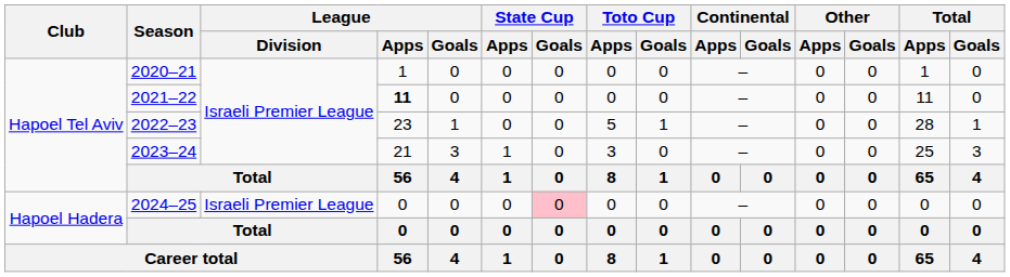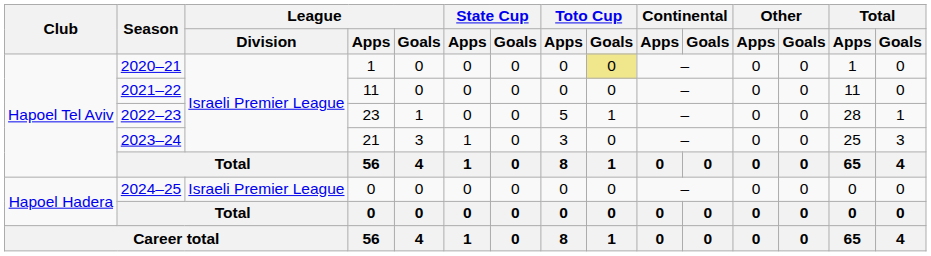 <table class="wikitable" style="text-align: center">
 <tr>
 <th rowspan="2">Club</th>
 <th rowspan="2">Season</th>
 <th colspan="3">League</th>
 <th colspan="2"><a href='#'>State Cup</a></th>
 <th colspan="2"><a href='#'>Toto Cup</a></th>
 <th colspan="2">Continental</th>
 <th colspan="2">Other</th>
 <th colspan="2">Total</th>
 </tr>
 <tr>
 <th>Division</th>
 <th>Apps</th>
 <th>Goals</th>
 <th>Apps</th>
 <th>Goals</th>
 <th>Apps</th>
 <th>Goals</th>
 <th>Apps</th>
 <th>Goals</th>
 <th>Apps</th>
 <th>Goals</th>
 <th>Apps</th>
 <th>Goals</th>
 </tr>
 <tr>
 <td rowspan="5"><a href='#'>Hapoel Tel Aviv</a></td>
 <td><a href='#'>2020–21</a></td>
 <td rowspan="4"><a href='#'>Israeli Premier League</a></td>
 <td>1</td>
 <td>0</td>
 <td>0</td>
 <td>0</td>
 <td>0</td>
-<td>0</td>
+<td style="background: khaki;">0</td>
 <td colspan="2">–</td>
 <td>0</td>
 <td>0</td>
 <td>1</td>
 <td>0</td>
 </tr>
 <tr>
 <td><a href='#'>2021–22</a></td>
-<td><strong>11</strong></td>
+<td>11</td>
 <td>0</td>
 <td>0</td>
 <td>0</td>
 <td>0</td>
 <td>0</td>
 <td colspan="2">–</td>
 <td>0</td>
 <td>0</td>
 <td>11</td>
 <td>0</td>
 </tr>
 <tr>
 <td><a href='#'>2022–23</a></td>
 <td>23</td>
 <td>1</td>
 <td>0</td>
 <td>0</td>
 <td>5</td>
 <td>1</td>
 <td colspan="2">–</td>
 <td>0</td>
 <td>0</td>
 <td>28</td>
 <td>1</td>
 </tr>
 <tr>
 <td><a href='#'>2023–24</a></td>
 <td>21</td>
 <td>3</td>
 <td>1</td>
 <td>0</td>
 <td>3</td>
 <td>0</td>
 <td colspan="2">–</td>
 <td>0</td>
 <td>0</td>
 <td>25</td>
 <td>3</td>
 </tr>
 <tr>
 <th colspan="2"><strong>Total</strong></th>
 <th>56</th>
 <th>4</th>
 <th>1</th>
 <th>0</th>
 <th>8</th>
 <th>1</th>
 <th>0</th>
 <th>0</th>
 <th>0</th>
 <th>0</th>
 <th>65</th>
 <th>4</th>
 </tr>
 <tr>
 <td rowspan="2"><a href='#'>Hapoel Hadera</a></td>
 <td><a href='#'>2024–25</a></td>
 <td rowspan="1"><a href='#'>Israeli Premier League</a></td>
 <td>0</td>
 <td>0</td>
 <td>0</td>
-<td style="background: pink;">0</td>
+<td>0</td>
 <td>0</td>
 <td>0</td>
 <td colspan="2">–</td>
 <td>0</td>
 <td>0</td>
 <td>0</td>
 <td>0</td>
 </tr>
 <tr>
 <th colspan="2"><strong>Total</strong></th>
 <th>0</th>
 <th>0</th>
 <th>0</th>
 <th>0</th>
 <th>0</th>
 <th>0</th>
 <th>0</th>
 <th>0</th>
 <th>0</th>
 <th>0</th>
 <th>0</th>
 <th>0</th>
 </tr>
 <tr>
 <th colspan="3"><strong>Career total</strong></th>
 <th>56</th>
 <th>4</th>
 <th>1</th>
 <th>0</th>
 <th>8</th>
 <th>1</th>
 <th>0</th>
 <th>0</th>
 <th>0</th>
 <th>0</th>
 <th>65</th>
 <th>4</th>
 </tr>
 </table>
